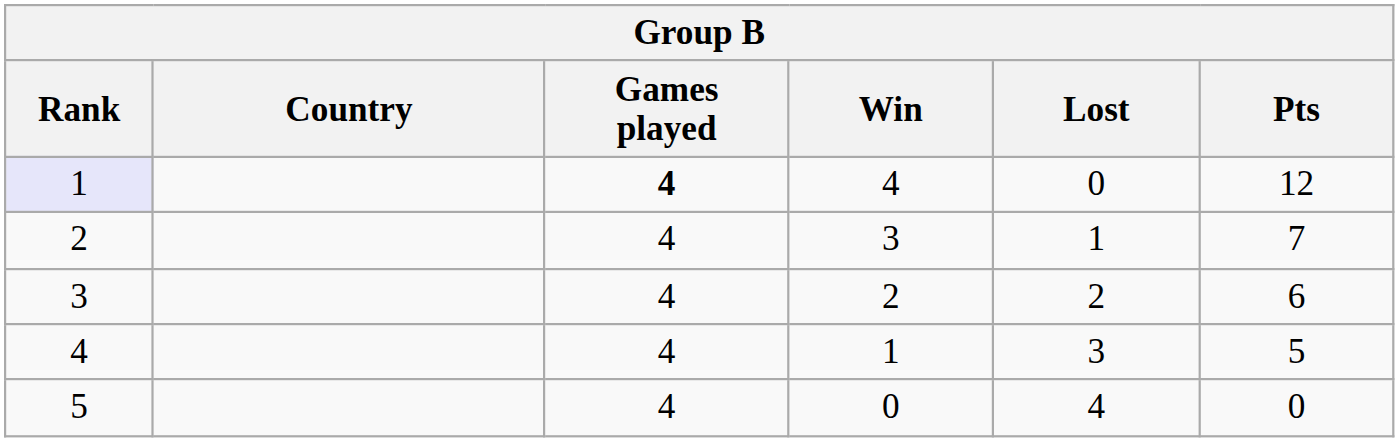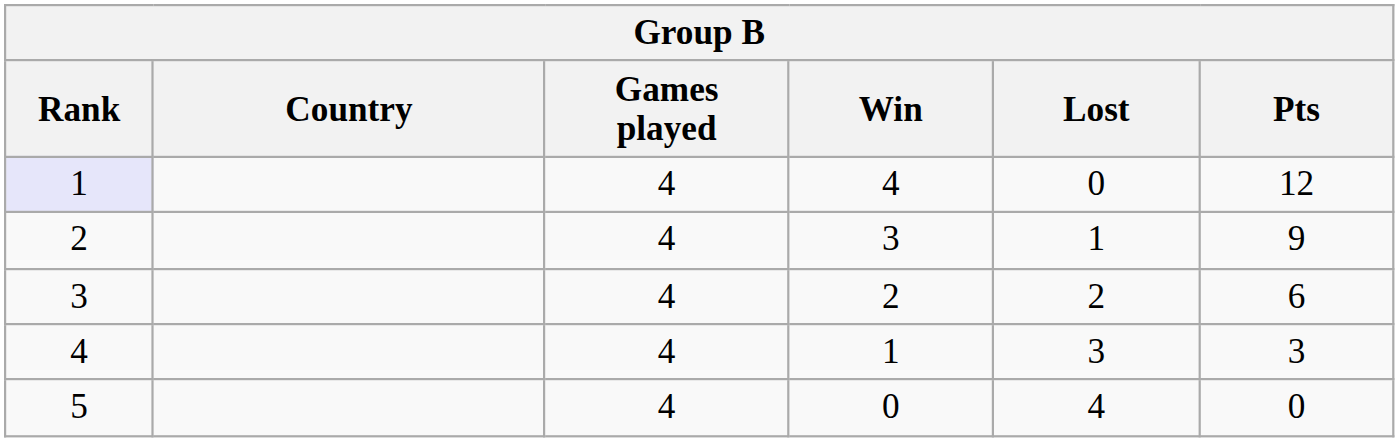 <table class="wikitable" style= "text-align: center; Width:50%">
 <tr>
 <th colspan= 6>Group B</th>
 </tr>
 <tr>
 <th width=2%>Rank</th>
 <th width=10%>Country</th>
 <th width=5%>Games <br> played</th>
 <th width=5%>Win</th>
 <th width=5%>Lost</th>
 <th width=5%>Pts</th>
 </tr>
 <tr>
 <td style="background: lavender;">1</td>
 <td style= "text-align: left"></td>
-<td><strong>4</strong></td>
+<td>4</td>
 <td>4</td>
 <td>0</td>
 <td>12</td>
 </tr>
 <tr>
 <td>2</td>
 <td style= "text-align: left"></td>
 <td>4</td>
 <td>3</td>
 <td>1</td>
-<td>7</td>
+<td>9</td>
 </tr>
 <tr>
 <td>3</td>
 <td style= "text-align: left"></td>
 <td>4</td>
 <td>2</td>
 <td>2</td>
 <td>6</td>
 </tr>
 <tr>
 <td>4</td>
 <td style= "text-align: left"></td>
 <td>4</td>
 <td>1</td>
 <td>3</td>
-<td>5</td>
+<td>3</td>
 </tr>
 <tr>
 <td>5</td>
 <td style= "text-align: left"></td>
 <td>4</td>
 <td>0</td>
 <td>4</td>
 <td>0</td>
 </tr>
 </table>
